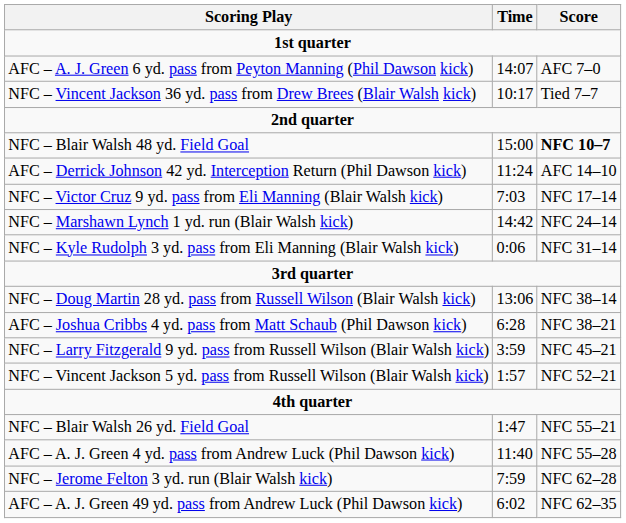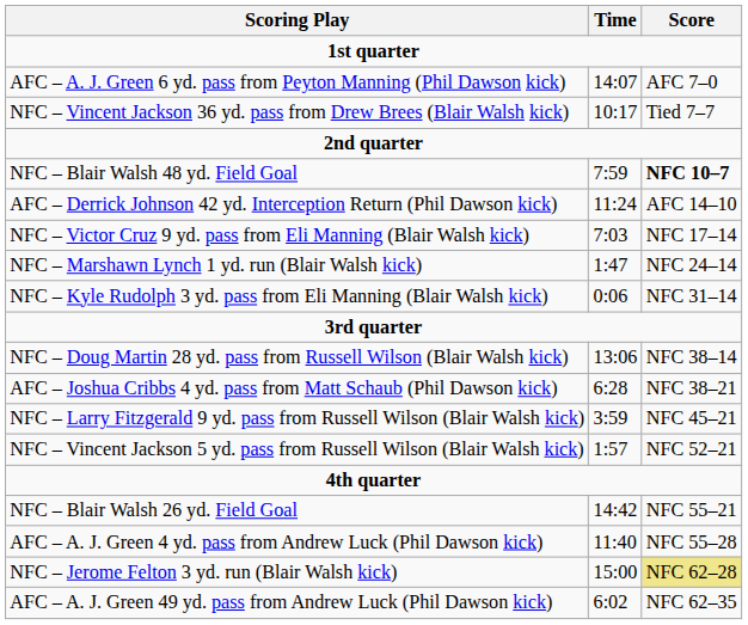 <table class="wikitable">
 <tr>
 <th>Scoring Play</th>
 <th>Time</th>
 <th>Score</th>
 </tr>
 <tr>
 <td colspan="4" align="center"><strong>1st quarter</strong></td>
 </tr>
 <tr>
 <td>AFC – <a href='#'>A. J. Green</a> 6 yd. <a href='#'>pass</a> from <a href='#'>Peyton Manning</a> (<a href='#'>Phil Dawson</a> <a href='#'>kick</a>)</td>
 <td>14:07</td>
 <td>AFC 7–0</td>
 </tr>
 <tr>
 <td>NFC – <a href='#'>Vincent Jackson</a> 36 yd. <a href='#'>pass</a> from <a href='#'>Drew Brees</a> (<a href='#'>Blair Walsh</a> <a href='#'>kick</a>)</td>
 <td>10:17</td>
 <td>Tied 7–7</td>
 </tr>
 <tr>
 <td colspan="4" align="center"><strong>2nd quarter</strong></td>
 </tr>
 <tr>
 <td>NFC – Blair Walsh 48 yd. <a href='#'>Field Goal</a></td>
-<td>15:00</td>
+<td>7:59</td>
 <td><strong>NFC 10–7</strong></td>
 </tr>
 <tr>
 <td>AFC – <a href='#'>Derrick Johnson</a> 42 yd. <a href='#'>Interception</a> Return (Phil Dawson <a href='#'>kick</a>)</td>
 <td>11:24</td>
 <td>AFC 14–10</td>
 </tr>
 <tr>
 <td>NFC – <a href='#'>Victor Cruz</a> 9 yd. <a href='#'>pass</a> from <a href='#'>Eli Manning</a> (Blair Walsh <a href='#'>kick</a>)</td>
 <td>7:03</td>
 <td>NFC 17–14</td>
 </tr>
 <tr>
 <td>NFC – <a href='#'>Marshawn Lynch</a> 1 yd. run (Blair Walsh <a href='#'>kick</a>)</td>
-<td>14:42</td>
+<td>1:47</td>
 <td>NFC 24–14</td>
 </tr>
 <tr>
 <td>NFC – <a href='#'>Kyle Rudolph</a> 3 yd. <a href='#'>pass</a> from Eli Manning (Blair Walsh <a href='#'>kick</a>)</td>
 <td>0:06</td>
 <td>NFC 31–14</td>
 </tr>
 <tr>
 <td colspan="4" align="center"><strong>3rd quarter</strong></td>
 </tr>
 <tr>
 <td>NFC – <a href='#'>Doug Martin</a> 28 yd. <a href='#'>pass</a> from <a href='#'>Russell Wilson</a> (Blair Walsh <a href='#'>kick</a>)</td>
 <td>13:06</td>
 <td>NFC 38–14</td>
 </tr>
 <tr>
 <td>AFC – <a href='#'>Joshua Cribbs</a> 4 yd. <a href='#'>pass</a> from <a href='#'>Matt Schaub</a> (Phil Dawson <a href='#'>kick</a>)</td>
 <td>6:28</td>
 <td>NFC 38–21</td>
 </tr>
 <tr>
 <td>NFC – <a href='#'>Larry Fitzgerald</a> 9 yd. <a href='#'>pass</a> from Russell Wilson (Blair Walsh <a href='#'>kick</a>)</td>
 <td>3:59</td>
 <td>NFC 45–21</td>
 </tr>
 <tr>
 <td>NFC – Vincent Jackson 5 yd. <a href='#'>pass</a> from Russell Wilson (Blair Walsh <a href='#'>kick</a>)</td>
 <td>1:57</td>
 <td>NFC 52–21</td>
 </tr>
 <tr>
 <td colspan="4" align="center"><strong>4th quarter</strong></td>
 </tr>
 <tr>
 <td>NFC – Blair Walsh 26 yd. <a href='#'>Field Goal</a></td>
-<td>1:47</td>
+<td>14:42</td>
 <td>NFC 55–21</td>
 </tr>
 <tr>
 <td>AFC – A. J. Green 4 yd. <a href='#'>pass</a> from Andrew Luck (Phil Dawson <a href='#'>kick</a>)</td>
 <td>11:40</td>
 <td>NFC 55–28</td>
 </tr>
 <tr>
 <td>NFC – <a href='#'>Jerome Felton</a> 3 yd. run (Blair Walsh <a href='#'>kick</a>)</td>
-<td>7:59</td>
-<td>NFC 62–28</td>
+<td>15:00</td>
+<td style="background: khaki;">NFC 62–28</td>
 </tr>
 <tr>
 <td>AFC – A. J. Green 49 yd. <a href='#'>pass</a> from Andrew Luck (Phil Dawson <a href='#'>kick</a>)</td>
 <td>6:02</td>
 <td>NFC 62–35</td>
 </tr>
 </table>
